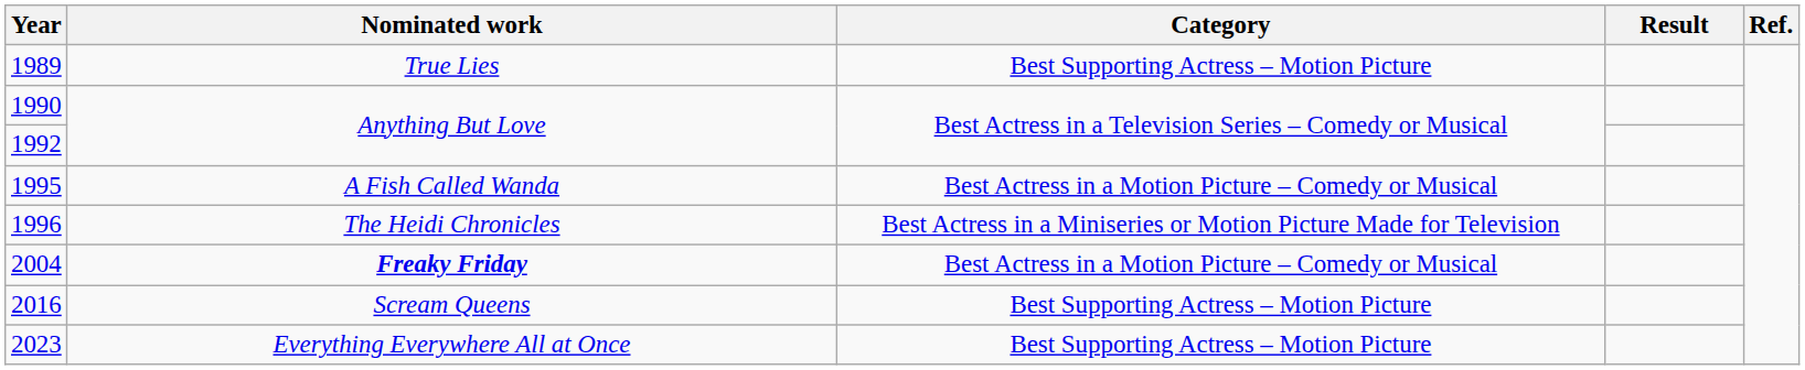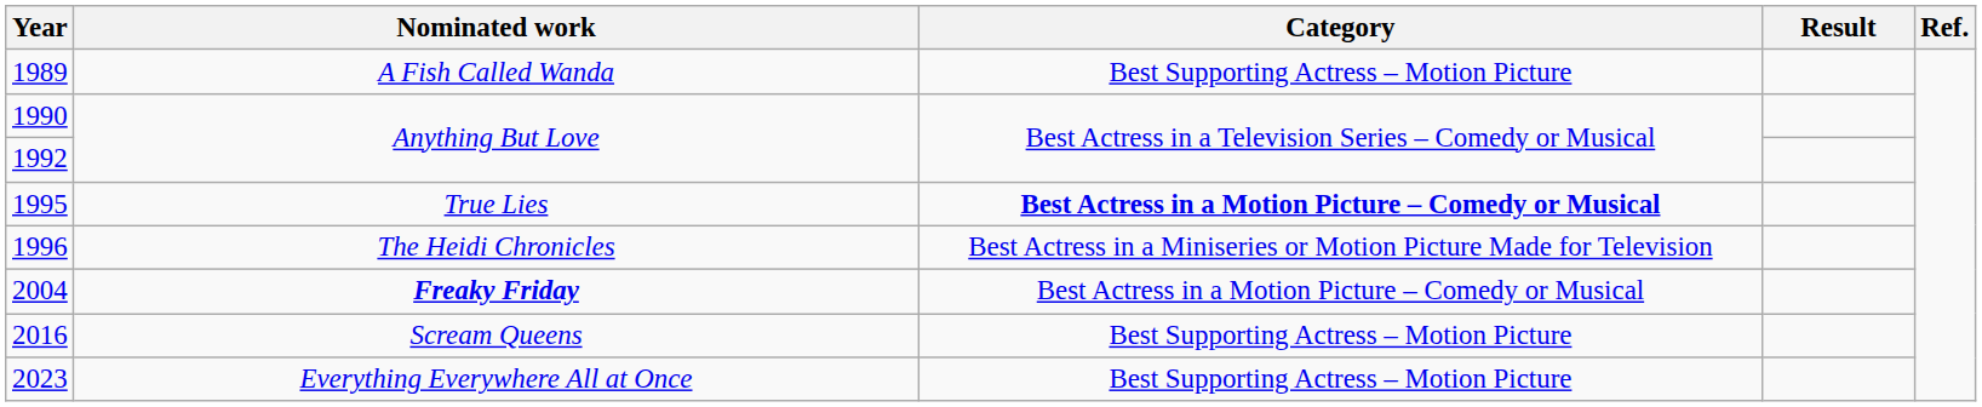 <table class="wikitable">
 <tr>
 <th scope="col" style="width:1em;">Year</th>
 <th scope="col" style="width:30em;">Nominated work</th>
 <th scope="col" style="width:30em;">Category</th>
 <th scope="col" style="width:5em;">Result</th>
 <th scope="col" style="width:1em;">Ref.</th>
 </tr>
 <tr>
 <td align="center"><a href='#'>1989</a></td>
-<td align="center"><em><a href='#'>True Lies</a></em></td>
+<td align="center"><em><a href='#'>A Fish Called Wanda</a></em></td>
 <td align="center"><a href='#'>Best Supporting Actress – Motion Picture</a></td>
 <td></td>
 <td rowspan="8" align="center"></td>
 </tr>
 <tr>
 <td align="center"><a href='#'>1990</a></td>
 <td rowspan="2" align="center"><em><a href='#'>Anything But Love</a></em></td>
 <td rowspan="2" align="center"><a href='#'>Best Actress in a Television Series – Comedy or Musical</a></td>
 <td></td>
 </tr>
 <tr>
 <td><a href='#'>1992</a></td>
 <td></td>
 </tr>
 <tr>
 <td align="center"><a href='#'>1995</a></td>
-<td align="center"><em><a href='#'>A Fish Called Wanda</a></em></td>
-<td align="center"><a href='#'>Best Actress in a Motion Picture – Comedy or Musical</a></td>
+<td align="center"><em><a href='#'>True Lies</a></em></td>
+<td align="center"><strong><a href='#'>Best Actress in a Motion Picture – Comedy or Musical</a></strong></td>
 <td></td>
 </tr>
 <tr>
 <td align="center"><a href='#'>1996</a></td>
 <td align="center"><em><a href='#'>The Heidi Chronicles</a></em></td>
 <td align="center"><a href='#'>Best Actress in a Miniseries or Motion Picture Made for Television</a></td>
 <td></td>
 </tr>
 <tr>
 <td align="center"><a href='#'>2004</a></td>
 <td align="center"><strong><em><a href='#'>Freaky Friday</a></em></strong></td>
 <td align="center"><a href='#'>Best Actress in a Motion Picture – Comedy or Musical</a></td>
 <td></td>
 </tr>
 <tr>
 <td align="center"><a href='#'>2016</a></td>
 <td align="center"><em><a href='#'>Scream Queens</a></em></td>
 <td align="center"><a href='#'>Best Supporting Actress – Motion Picture</a></td>
 <td></td>
 </tr>
 <tr>
 <td align="center"><a href='#'>2023</a></td>
 <td align="center"><em><a href='#'>Everything Everywhere All at Once</a></em></td>
 <td align="center"><a href='#'>Best Supporting Actress – Motion Picture</a></td>
 <td></td>
 </tr>
 </table>
